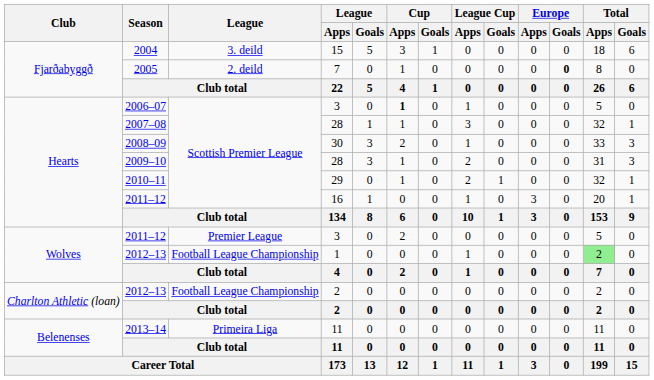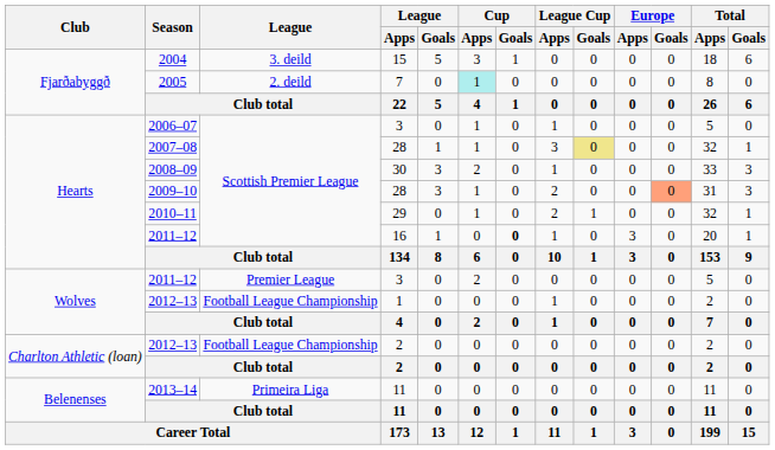 <table class="wikitable" style="text-align: center;">
 <tr>
 <th rowspan="2">Club</th>
 <th rowspan="2">Season</th>
 <th rowspan="2">League</th>
 <th colspan="2">League</th>
 <th colspan="2">Cup</th>
 <th colspan="2">League Cup</th>
 <th colspan="2"><a href='#'>Europe</a></th>
 <th colspan="2">Total</th>
 </tr>
 <tr>
 <th>Apps</th>
 <th>Goals</th>
 <th>Apps</th>
 <th>Goals</th>
 <th>Apps</th>
 <th>Goals</th>
 <th>Apps</th>
 <th>Goals</th>
 <th>Apps</th>
 <th>Goals</th>
 </tr>
 <tr>
 <td rowspan="3"><a href='#'>Fjarðabyggð</a></td>
 <td><a href='#'>2004</a></td>
 <td rowspan="1"><a href='#'>3. deild</a></td>
 <td>15</td>
 <td>5</td>
 <td>3</td>
 <td>1</td>
 <td>0</td>
 <td>0</td>
 <td>0</td>
 <td>0</td>
 <td>18</td>
 <td>6</td>
 </tr>
 <tr>
 <td><a href='#'>2005</a></td>
 <td rowspan="1"><a href='#'>2. deild</a></td>
 <td>7</td>
 <td>0</td>
-<td>1</td>
+<td style="background: paleturquoise;">1</td>
 <td>0</td>
 <td>0</td>
 <td>0</td>
 <td>0</td>
-<td><strong>0</strong></td>
+<td>0</td>
 <td>8</td>
 <td>0</td>
 </tr>
 <tr>
 <th colspan="2">Club total</th>
 <th>22</th>
 <th>5</th>
 <th>4</th>
 <th>1</th>
 <th>0</th>
 <th>0</th>
 <th>0</th>
 <th>0</th>
 <th>26</th>
 <th>6</th>
 </tr>
 <tr>
 <td rowspan="7"><a href='#'>Hearts</a></td>
 <td><a href='#'>2006–07</a></td>
 <td rowspan="6"><a href='#'>Scottish Premier League</a></td>
 <td>3</td>
 <td>0</td>
-<td><strong>1</strong></td>
+<td>1</td>
 <td>0</td>
 <td>1</td>
 <td>0</td>
 <td>0</td>
 <td>0</td>
 <td>5</td>
 <td>0</td>
 </tr>
 <tr>
 <td><a href='#'>2007–08</a></td>
 <td>28</td>
 <td>1</td>
 <td>1</td>
 <td>0</td>
 <td>3</td>
-<td>0</td>
+<td style="background: khaki;">0</td>
 <td>0</td>
 <td>0</td>
 <td>32</td>
 <td>1</td>
 </tr>
 <tr>
 <td><a href='#'>2008–09</a></td>
 <td>30</td>
 <td>3</td>
 <td>2</td>
 <td>0</td>
 <td>1</td>
 <td>0</td>
 <td>0</td>
 <td>0</td>
 <td>33</td>
 <td>3</td>
 </tr>
 <tr>
 <td><a href='#'>2009–10</a></td>
 <td>28</td>
 <td>3</td>
 <td>1</td>
 <td>0</td>
 <td>2</td>
 <td>0</td>
 <td>0</td>
-<td>0</td>
+<td style="background: lightsalmon;">0</td>
 <td>31</td>
 <td>3</td>
 </tr>
 <tr>
 <td><a href='#'>2010–11</a></td>
 <td>29</td>
 <td>0</td>
 <td>1</td>
 <td>0</td>
 <td>2</td>
 <td>1</td>
 <td>0</td>
 <td>0</td>
 <td>32</td>
 <td>1</td>
 </tr>
 <tr>
 <td><a href='#'>2011–12</a></td>
 <td>16</td>
 <td>1</td>
 <td>0</td>
-<td>0</td>
+<td><strong>0</strong></td>
 <td>1</td>
 <td>0</td>
 <td>3</td>
 <td>0</td>
 <td>20</td>
 <td>1</td>
 </tr>
 <tr>
 <th colspan="2">Club total</th>
 <th>134</th>
 <th>8</th>
 <th>6</th>
 <th>0</th>
 <th>10</th>
 <th>1</th>
 <th>3</th>
 <th>0</th>
 <th>153</th>
 <th>9</th>
 </tr>
 <tr>
 <td rowspan="3"><a href='#'>Wolves</a></td>
 <td><a href='#'>2011–12</a></td>
 <td rowspan="1"><a href='#'>Premier League</a></td>
 <td>3</td>
 <td>0</td>
 <td>2</td>
 <td>0</td>
 <td>0</td>
 <td>0</td>
 <td>0</td>
 <td>0</td>
 <td>5</td>
 <td>0</td>
 </tr>
 <tr>
 <td><a href='#'>2012–13</a></td>
 <td rowspan="1"><a href='#'>Football League Championship</a></td>
 <td>1</td>
 <td>0</td>
 <td>0</td>
 <td>0</td>
 <td>1</td>
 <td>0</td>
 <td>0</td>
 <td>0</td>
-<td style="background: lightgreen;">2</td>
+<td>2</td>
 <td>0</td>
 </tr>
 <tr>
 <th colspan="2">Club total</th>
 <th>4</th>
 <th>0</th>
 <th>2</th>
 <th>0</th>
 <th>1</th>
 <th>0</th>
 <th>0</th>
 <th>0</th>
 <th>7</th>
 <th>0</th>
 </tr>
 <tr>
 <td rowspan="2"><em><a href='#'>Charlton Athletic</a> (loan)</em></td>
 <td><a href='#'>2012–13</a></td>
 <td rowspan="1"><a href='#'>Football League Championship</a></td>
 <td>2</td>
 <td>0</td>
 <td>0</td>
 <td>0</td>
 <td>0</td>
 <td>0</td>
 <td>0</td>
 <td>0</td>
 <td>2</td>
 <td>0</td>
 </tr>
 <tr>
 <th colspan="2">Club total</th>
 <th>2</th>
 <th>0</th>
 <th>0</th>
 <th>0</th>
 <th>0</th>
 <th>0</th>
 <th>0</th>
 <th>0</th>
 <th>2</th>
 <th>0</th>
 </tr>
 <tr>
 <td rowspan="2"><a href='#'>Belenenses</a></td>
 <td><a href='#'>2013–14</a></td>
 <td rowspan="1"><a href='#'>Primeira Liga</a></td>
 <td>11</td>
 <td>0</td>
 <td>0</td>
 <td>0</td>
 <td>0</td>
 <td>0</td>
 <td>0</td>
 <td>0</td>
 <td>11</td>
 <td>0</td>
 </tr>
 <tr>
 <th colspan="2">Club total</th>
 <th>11</th>
 <th>0</th>
 <th>0</th>
 <th>0</th>
 <th>0</th>
 <th>0</th>
 <th>0</th>
 <th>0</th>
 <th>11</th>
 <th>0</th>
 </tr>
 <tr>
 <th colspan="3">Career Total</th>
 <th>173</th>
 <th>13</th>
 <th>12</th>
 <th>1</th>
 <th>11</th>
 <th>1</th>
 <th>3</th>
 <th>0</th>
 <th>199</th>
 <th>15</th>
 </tr>
 </table>
